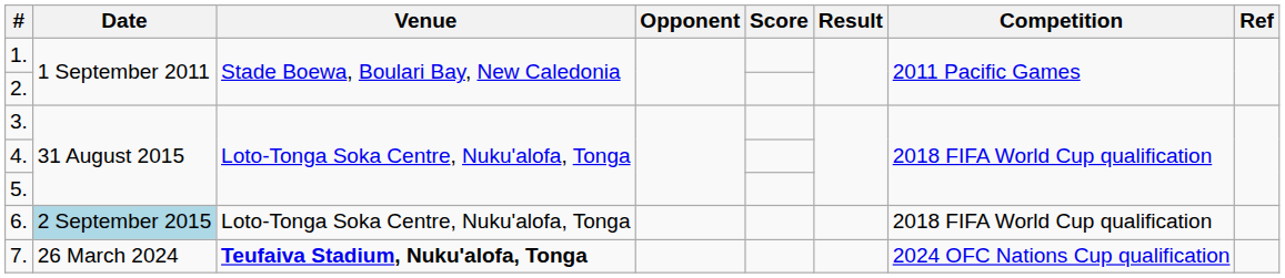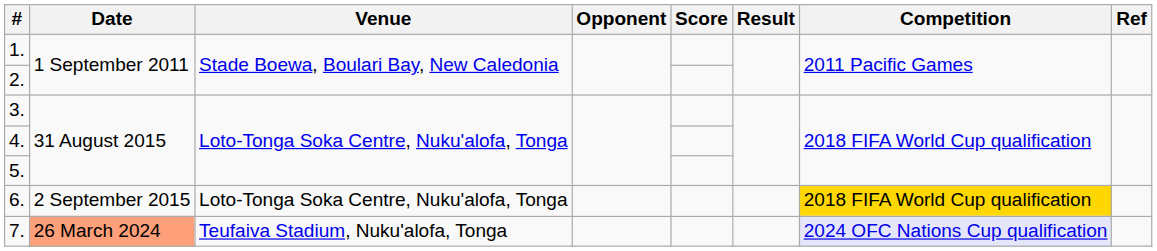 <table class="wikitable">
 <tr>
 <th>#</th>
 <th>Date</th>
 <th>Venue</th>
 <th>Opponent</th>
 <th>Score</th>
 <th>Result</th>
 <th>Competition</th>
 <th>Ref</th>
 </tr>
 <tr>
 <td>1.</td>
 <td rowspan="2">1 September 2011</td>
 <td rowspan="2"><a href='#'>Stade Boewa</a>, <a href='#'>Boulari Bay</a>, <a href='#'>New Caledonia</a></td>
 <td rowspan="2"></td>
 <td></td>
 <td rowspan="2"></td>
 <td rowspan="2"><a href='#'>2011 Pacific Games</a></td>
 <td rowspan="2"></td>
 </tr>
 <tr>
 <td>2.</td>
 <td></td>
 </tr>
 <tr>
 <td>3.</td>
 <td rowspan="3">31 August 2015</td>
 <td rowspan="3"><a href='#'>Loto-Tonga Soka Centre</a>, <a href='#'>Nuku'alofa</a>, <a href='#'>Tonga</a></td>
 <td rowspan="3"></td>
 <td></td>
 <td rowspan="3"></td>
 <td rowspan="3"><a href='#'>2018 FIFA World Cup qualification</a></td>
 <td rowspan="3"></td>
 </tr>
 <tr>
 <td>4.</td>
 <td></td>
 </tr>
 <tr>
 <td>5.</td>
 <td></td>
 </tr>
 <tr>
 <td>6.</td>
-<td style="background: lightblue;">2 September 2015</td>
+<td>2 September 2015</td>
 <td>Loto-Tonga Soka Centre, Nuku'alofa, Tonga</td>
 <td></td>
 <td></td>
 <td></td>
-<td>2018 FIFA World Cup qualification</td>
+<td style="background: gold;">2018 FIFA World Cup qualification</td>
 <td></td>
 </tr>
 <tr>
 <td>7.</td>
-<td>26 March 2024</td>
-<td><strong><a href='#'>Teufaiva Stadium</a>, Nuku'alofa, Tonga</strong></td>
+<td style="background: lightsalmon;">26 March 2024</td>
+<td><a href='#'>Teufaiva Stadium</a>, Nuku'alofa, Tonga</td>
 <td></td>
 <td></td>
 <td></td>
-<td><a href='#'>2024 OFC Nations Cup qualification</a></td>
+<td style="background: lavender;"><a href='#'>2024 OFC Nations Cup qualification</a></td>
 <td></td>
 </tr>
 </table>
